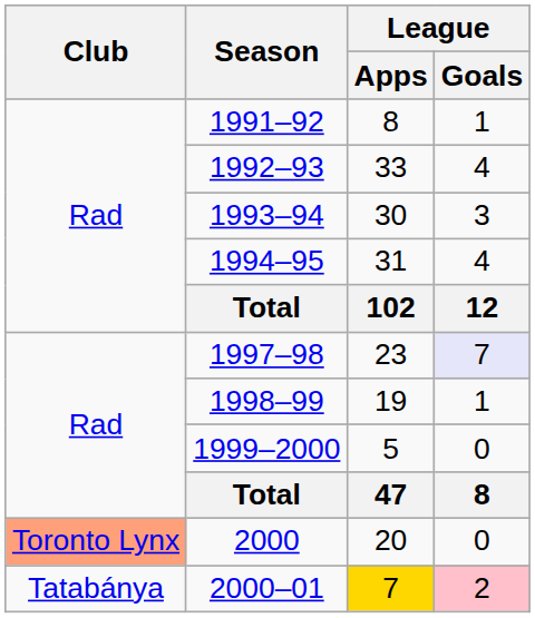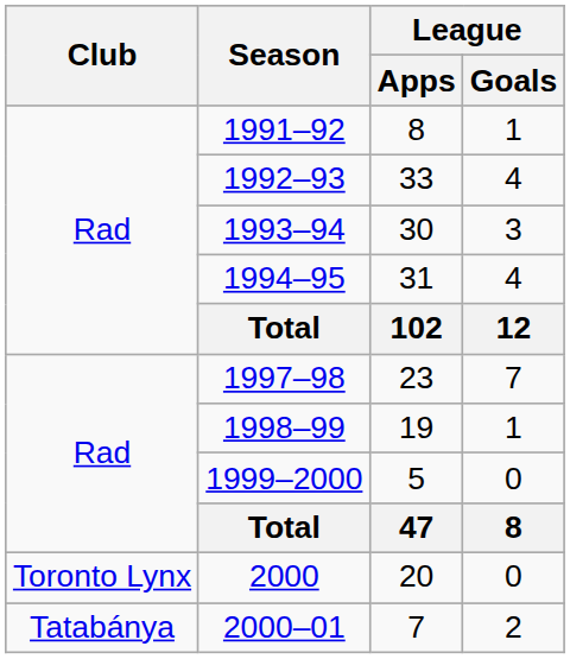 <table class="wikitable" style="text-align:center">
 <tr>
 <th rowspan="2">Club</th>
 <th rowspan="2">Season</th>
 <th colspan="2">League</th>
 </tr>
 <tr>
 <th>Apps</th>
 <th>Goals</th>
 </tr>
 <tr>
 <td rowspan="5"><a href='#'>Rad</a></td>
 <td><a href='#'>1991–92</a></td>
 <td>8</td>
 <td>1</td>
 </tr>
 <tr>
 <td><a href='#'>1992–93</a></td>
 <td>33</td>
 <td>4</td>
 </tr>
 <tr>
 <td><a href='#'>1993–94</a></td>
 <td>30</td>
 <td>3</td>
 </tr>
 <tr>
 <td><a href='#'>1994–95</a></td>
 <td>31</td>
 <td>4</td>
 </tr>
 <tr>
 <th>Total</th>
 <th>102</th>
 <th>12</th>
 </tr>
 <tr>
 <td rowspan="4"><a href='#'>Rad</a></td>
 <td><a href='#'>1997–98</a></td>
 <td>23</td>
-<td style="background: lavender;">7</td>
+<td>7</td>
 </tr>
 <tr>
 <td><a href='#'>1998–99</a></td>
 <td>19</td>
 <td>1</td>
 </tr>
 <tr>
 <td><a href='#'>1999–2000</a></td>
 <td>5</td>
 <td>0</td>
 </tr>
 <tr>
 <th>Total</th>
 <th>47</th>
 <th>8</th>
 </tr>
 <tr>
-<td rowspan="1" style="background: lightsalmon;"><a href='#'>Toronto Lynx</a></td>
+<td rowspan="1"><a href='#'>Toronto Lynx</a></td>
 <td><a href='#'>2000</a></td>
 <td>20</td>
 <td>0</td>
 </tr>
 <tr>
 <td rowspan="1"><a href='#'>Tatabánya</a></td>
 <td><a href='#'>2000–01</a></td>
-<td style="background: gold;">7</td>
-<td style="background: pink;">2</td>
+<td>7</td>
+<td>2</td>
 </tr>
 </table>
